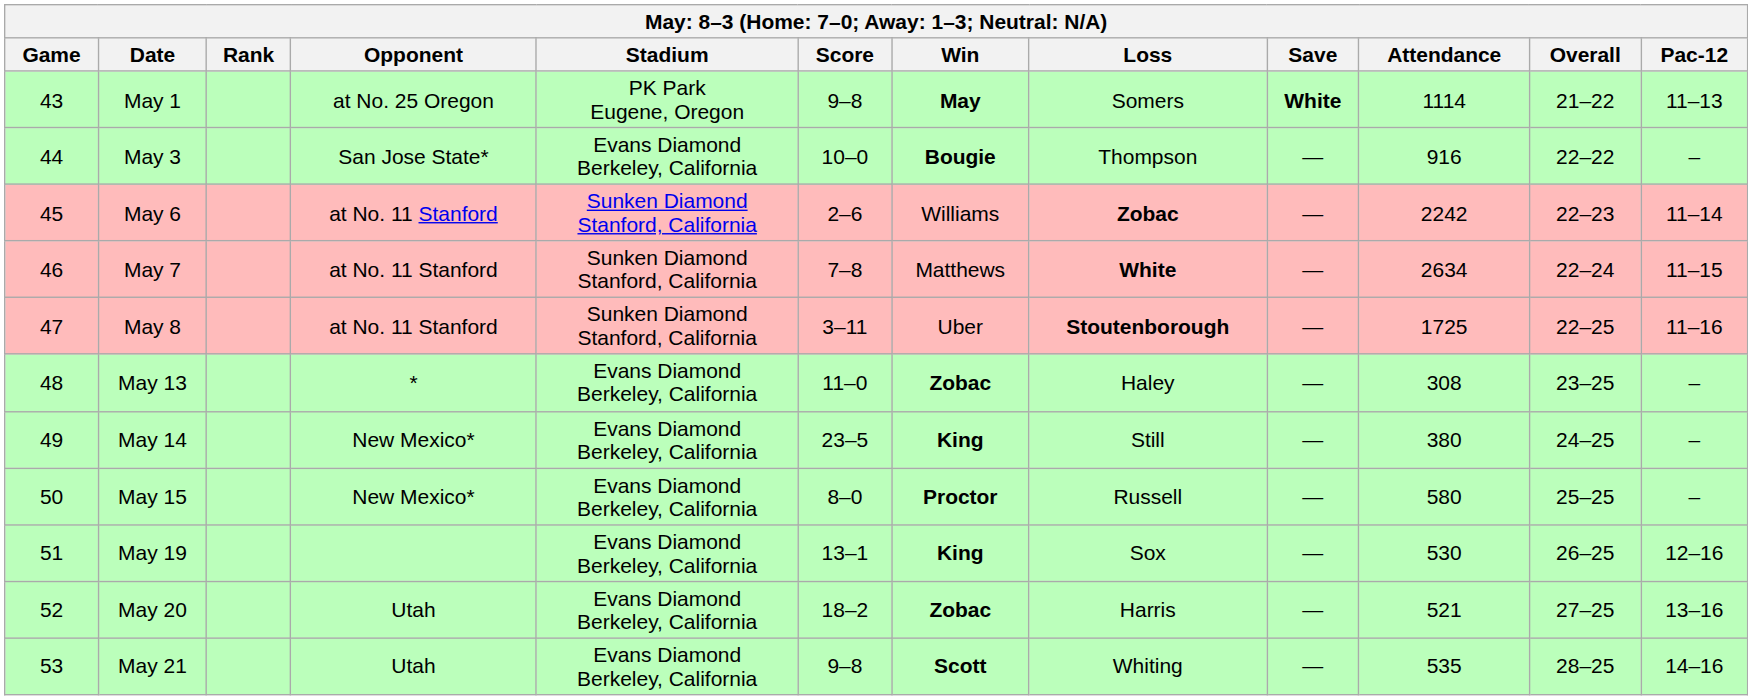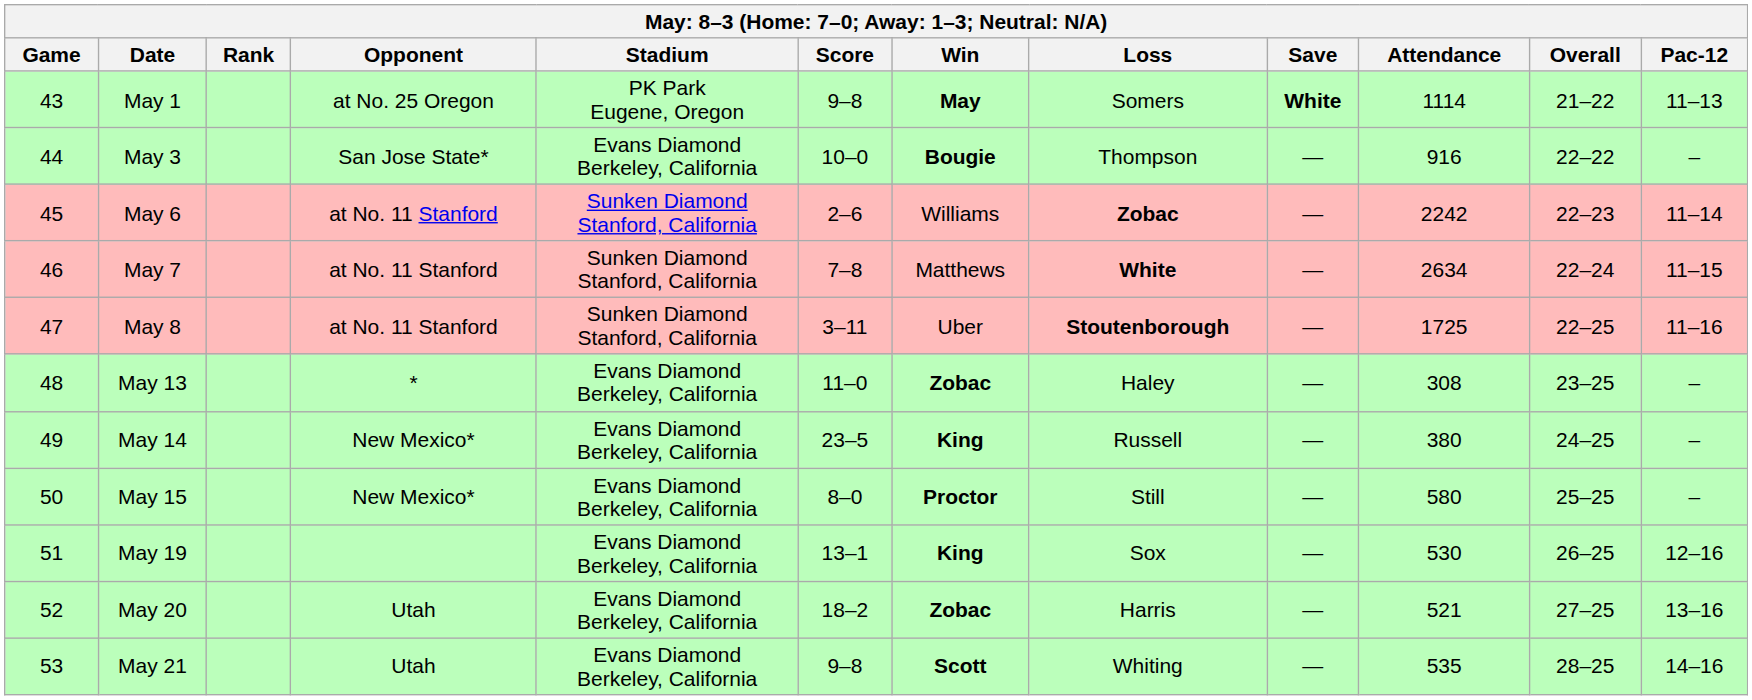 <table class="wikitable collapsible collapsed" style="margin:auto; width:100%; text-align:center; font-size:95%">
 <tr>
 <th colspan=12>May: 8–3 (Home: 7–0; Away: 1–3; Neutral: N/A)</th>
 </tr>
 <tr>
 <th>Game</th>
 <th>Date</th>
 <th>Rank</th>
 <th>Opponent</th>
 <th>Stadium</th>
 <th>Score</th>
 <th>Win</th>
 <th>Loss</th>
 <th>Save</th>
 <th>Attendance</th>
 <th>Overall</th>
 <th>Pac-12</th>
 </tr>
 <tr style="background:#bfb;">
 <td>43</td>
 <td>May 1</td>
 <td></td>
 <td>at No. 25 Oregon</td>
 <td>PK Park<br>Eugene, Oregon</td>
 <td>9–8</td>
 <td><strong>May</strong></td>
 <td>Somers</td>
 <td><strong>White</strong></td>
 <td>1114</td>
 <td>21–22</td>
 <td>11–13</td>
 </tr>
 <tr style="background:#bfb;">
 <td>44</td>
 <td>May 3</td>
 <td></td>
 <td>San Jose State*</td>
 <td>Evans Diamond<br>Berkeley, California</td>
 <td>10–0</td>
 <td><strong>Bougie</strong></td>
 <td>Thompson</td>
 <td>—</td>
 <td>916</td>
 <td>22–22</td>
 <td>–</td>
 </tr>
 <tr style="background:#fbb;">
 <td>45</td>
 <td>May 6</td>
 <td></td>
 <td>at No. 11 <a href='#'>Stanford</a></td>
 <td><a href='#'>Sunken Diamond</a><br><a href='#'>Stanford, California</a></td>
 <td>2–6</td>
 <td>Williams</td>
 <td><strong>Zobac</strong></td>
 <td>—</td>
 <td>2242</td>
 <td>22–23</td>
 <td>11–14</td>
 </tr>
 <tr style="background:#fbb;">
 <td>46</td>
 <td>May 7</td>
 <td></td>
 <td>at No. 11 Stanford</td>
 <td>Sunken Diamond<br>Stanford, California</td>
 <td>7–8</td>
 <td>Matthews</td>
 <td><strong>White</strong></td>
 <td>—</td>
 <td>2634</td>
 <td>22–24</td>
 <td>11–15</td>
 </tr>
 <tr style="background:#fbb;">
 <td>47</td>
 <td>May 8</td>
 <td></td>
 <td>at No. 11 Stanford</td>
 <td>Sunken Diamond<br>Stanford, California</td>
 <td>3–11</td>
 <td>Uber</td>
 <td><strong>Stoutenborough</strong></td>
 <td>—</td>
 <td>1725</td>
 <td>22–25</td>
 <td>11–16</td>
 </tr>
 <tr style="background:#bfb;">
 <td>48</td>
 <td>May 13</td>
 <td></td>
 <td>*</td>
 <td>Evans Diamond<br>Berkeley, California</td>
 <td>11–0</td>
 <td><strong>Zobac</strong></td>
 <td>Haley</td>
 <td>—</td>
 <td>308</td>
 <td>23–25</td>
 <td>–</td>
 </tr>
 <tr style="background:#bfb;">
 <td>49</td>
 <td>May 14</td>
 <td></td>
 <td>New Mexico*</td>
 <td>Evans Diamond<br>Berkeley, California</td>
 <td>23–5</td>
 <td><strong>King</strong></td>
-<td>Still</td>
+<td>Russell</td>
 <td>—</td>
 <td>380</td>
 <td>24–25</td>
 <td>–</td>
 </tr>
 <tr style="background:#bfb;">
 <td>50</td>
 <td>May 15</td>
 <td></td>
 <td>New Mexico*</td>
 <td>Evans Diamond<br>Berkeley, California</td>
 <td>8–0</td>
 <td><strong>Proctor</strong></td>
-<td>Russell</td>
+<td>Still</td>
 <td>—</td>
 <td>580</td>
 <td>25–25</td>
 <td>–</td>
 </tr>
 <tr style="background:#bfb;">
 <td>51</td>
 <td>May 19</td>
 <td></td>
 <td></td>
 <td>Evans Diamond<br>Berkeley, California</td>
 <td>13–1</td>
 <td><strong>King</strong></td>
 <td>Sox</td>
 <td>—</td>
 <td>530</td>
 <td>26–25</td>
 <td>12–16</td>
 </tr>
 <tr style="background:#bfb;">
 <td>52</td>
 <td>May 20</td>
 <td></td>
 <td>Utah</td>
 <td>Evans Diamond<br>Berkeley, California</td>
 <td>18–2</td>
 <td><strong>Zobac</strong></td>
 <td>Harris</td>
 <td>—</td>
 <td>521</td>
 <td>27–25</td>
 <td>13–16</td>
 </tr>
 <tr style="background:#bfb;">
 <td>53</td>
 <td>May 21</td>
 <td></td>
 <td>Utah</td>
 <td>Evans Diamond<br>Berkeley, California</td>
 <td>9–8</td>
 <td><strong>Scott</strong></td>
 <td>Whiting</td>
 <td>—</td>
 <td>535</td>
 <td>28–25</td>
 <td>14–16</td>
 </tr>
 </table>
